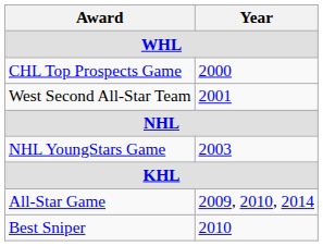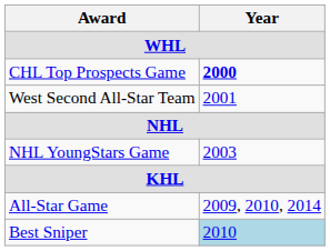 <table class="wikitable">
 <tr>
 <th>Award</th>
 <th>Year</th>
 </tr>
 <tr ALIGN="center" bgcolor="#e0e0e0">
 <td colspan="2"><strong><a href='#'>WHL</a></strong></td>
 </tr>
 <tr>
 <td><a href='#'>CHL Top Prospects Game</a></td>
-<td><a href='#'>2000</a></td>
+<td><strong><a href='#'>2000</a></strong></td>
 </tr>
 <tr>
 <td>West Second All-Star Team</td>
 <td><a href='#'>2001</a></td>
 </tr>
 <tr ALIGN="center" bgcolor="#e0e0e0">
 <td colspan="2"><strong><a href='#'>NHL</a></strong></td>
 </tr>
 <tr>
 <td><a href='#'>NHL YoungStars Game</a></td>
 <td><a href='#'>2003</a></td>
 </tr>
 <tr ALIGN="center" bgcolor="#e0e0e0">
 <td colspan="2"><strong><a href='#'>KHL</a></strong></td>
 </tr>
 <tr>
 <td><a href='#'>All-Star Game</a></td>
 <td><a href='#'>2009</a>, <a href='#'>2010</a>, <a href='#'>2014</a></td>
 </tr>
 <tr>
 <td><a href='#'>Best Sniper</a></td>
-<td><a href='#'>2010</a></td>
+<td style="background: lightblue;"><a href='#'>2010</a></td>
 </tr>
 </table>
